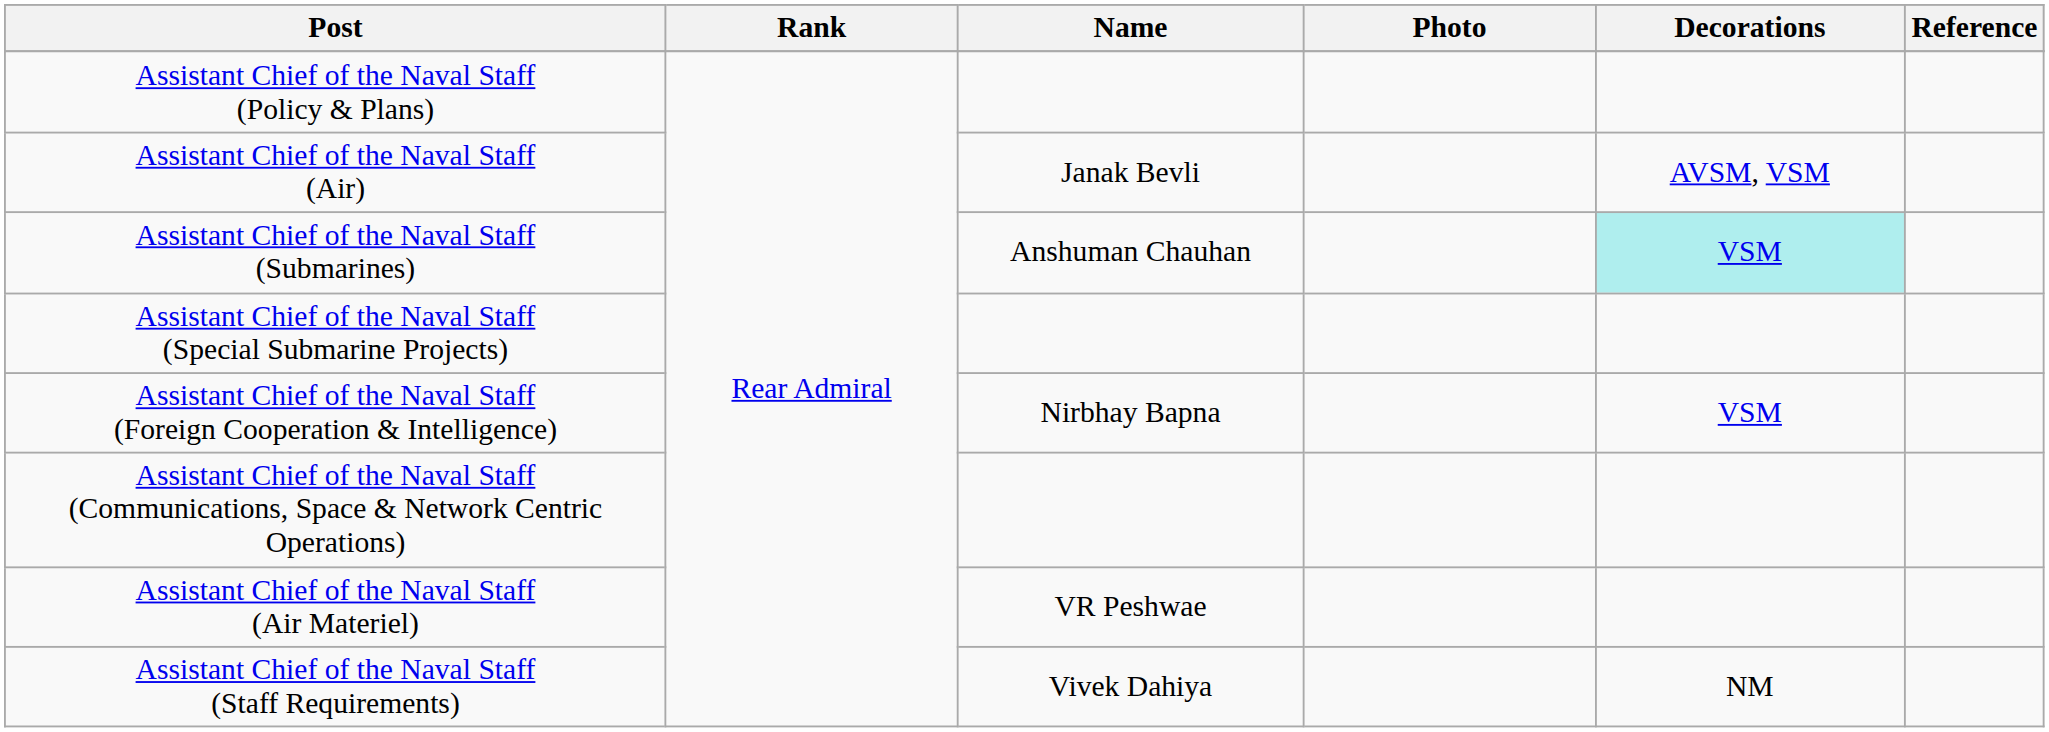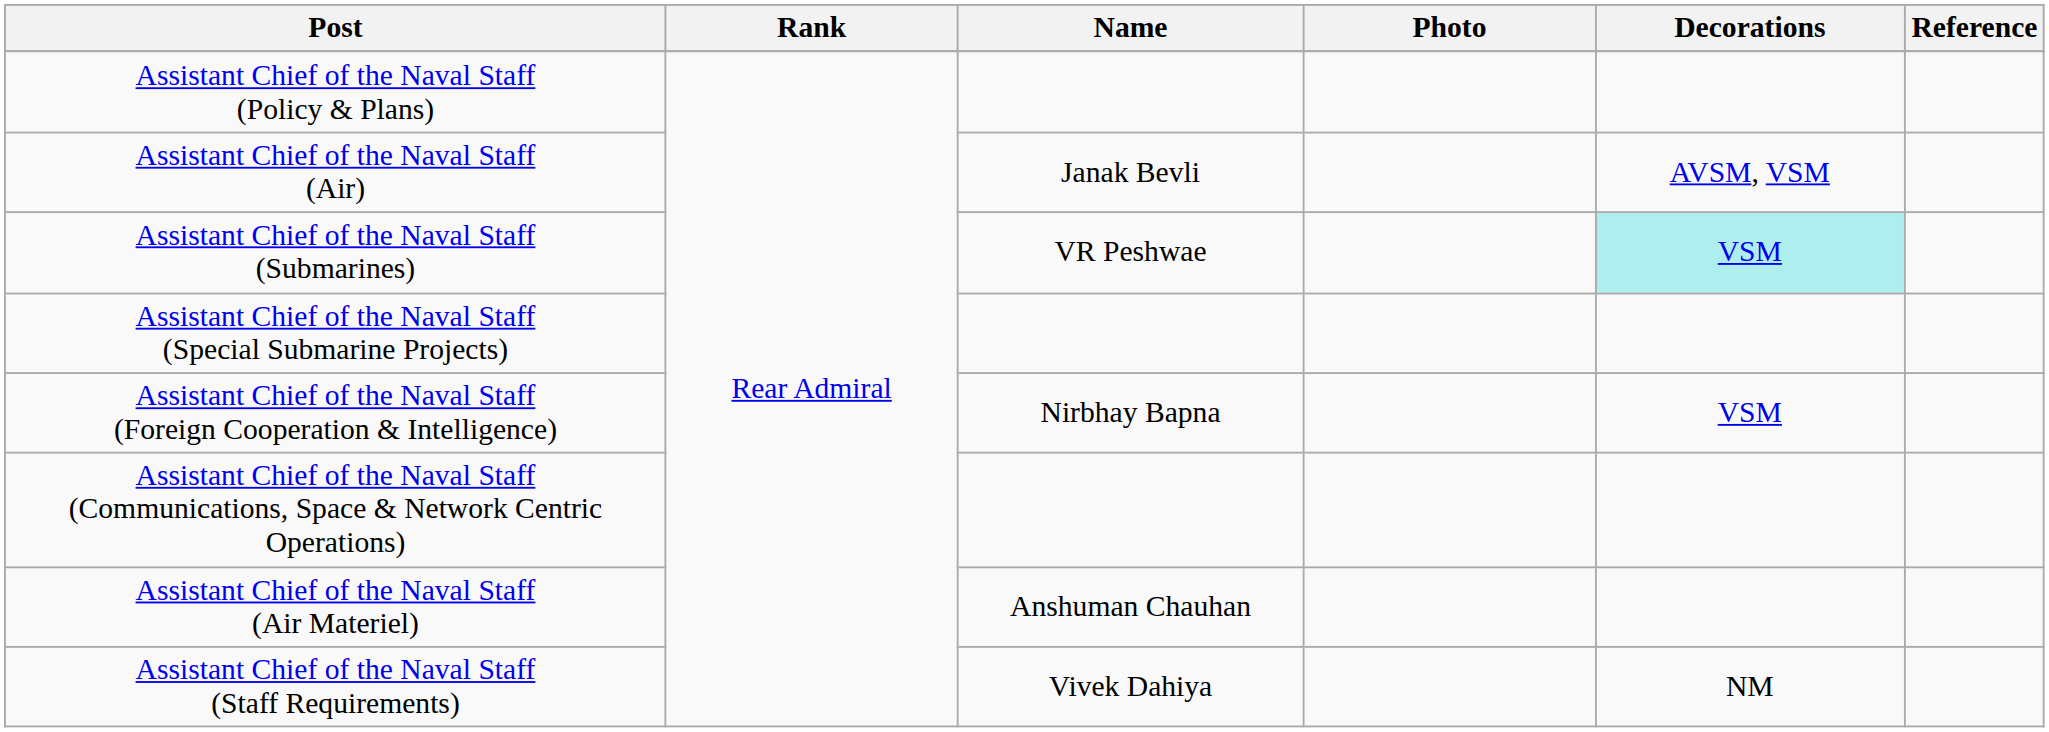 <table class="wikitable" style="text-align:center">
 <tr style="background:#cccccc">
 <th scope="col" style="width: 350px;">Post</th>
 <th scope="col" style="width: 150px;">Rank</th>
 <th scope="col" style="width: 180px;">Name</th>
 <th scope="col" style="width: 150px;">Photo</th>
 <th scope="col" style="width: 160px;">Decorations</th>
 <th scope="col" style="width: 5px;">Reference</th>
 </tr>
 <tr>
 </tr>
 <tr>
 <td><a href='#'>Assistant Chief of the Naval Staff</a><br>(Policy & Plans)</td>
 <td rowspan="8"><a href='#'>Rear Admiral</a></td>
 <td></td>
 <td></td>
 <td></td>
 <td></td>
 </tr>
 <tr>
 <td><a href='#'>Assistant Chief of the Naval Staff</a><br>(Air)</td>
 <td>Janak Bevli</td>
 <td></td>
 <td><a href='#'>AVSM</a>, <a href='#'>VSM</a></td>
 <td></td>
 </tr>
 <tr>
 <td><a href='#'>Assistant Chief of the Naval Staff</a><br>(Submarines)</td>
-<td>Anshuman Chauhan</td>
+<td>VR Peshwae</td>
 <td></td>
 <td style="background: paleturquoise;"><a href='#'>VSM</a></td>
 <td></td>
 </tr>
 <tr>
 <td><a href='#'>Assistant Chief of the Naval Staff</a><br>(Special Submarine Projects)</td>
 <td></td>
 <td></td>
 <td></td>
 <td></td>
 </tr>
 <tr>
 <td><a href='#'>Assistant Chief of the Naval Staff</a><br>(Foreign Cooperation & Intelligence)</td>
 <td>Nirbhay Bapna</td>
 <td></td>
 <td><a href='#'>VSM</a></td>
 <td></td>
 </tr>
 <tr>
 <td><a href='#'>Assistant Chief of the Naval Staff</a><br>(Communications, Space & Network Centric Operations)</td>
 <td></td>
 <td></td>
 <td></td>
 <td></td>
 </tr>
 <tr>
 <td><a href='#'>Assistant Chief of the Naval Staff</a><br>(Air Materiel)</td>
-<td>VR Peshwae</td>
+<td>Anshuman Chauhan</td>
 <td></td>
 <td></td>
 <td></td>
 </tr>
 <tr>
 <td><a href='#'>Assistant Chief of the Naval Staff</a><br>(Staff Requirements)</td>
 <td>Vivek Dahiya</td>
 <td></td>
 <td>NM</td>
 <td></td>
 </tr>
 </table>
